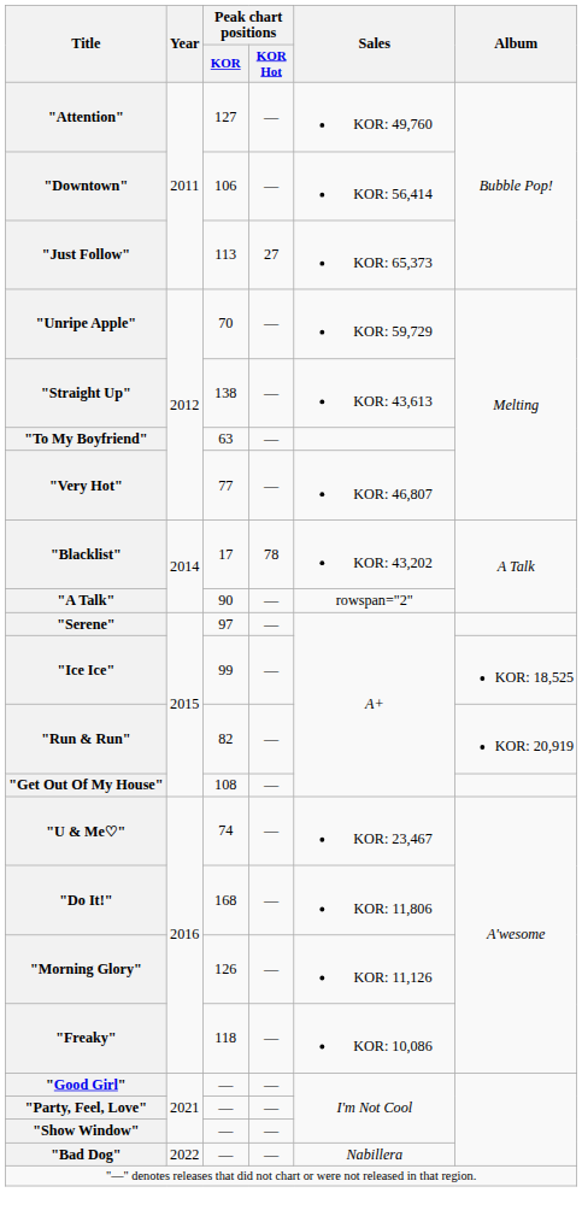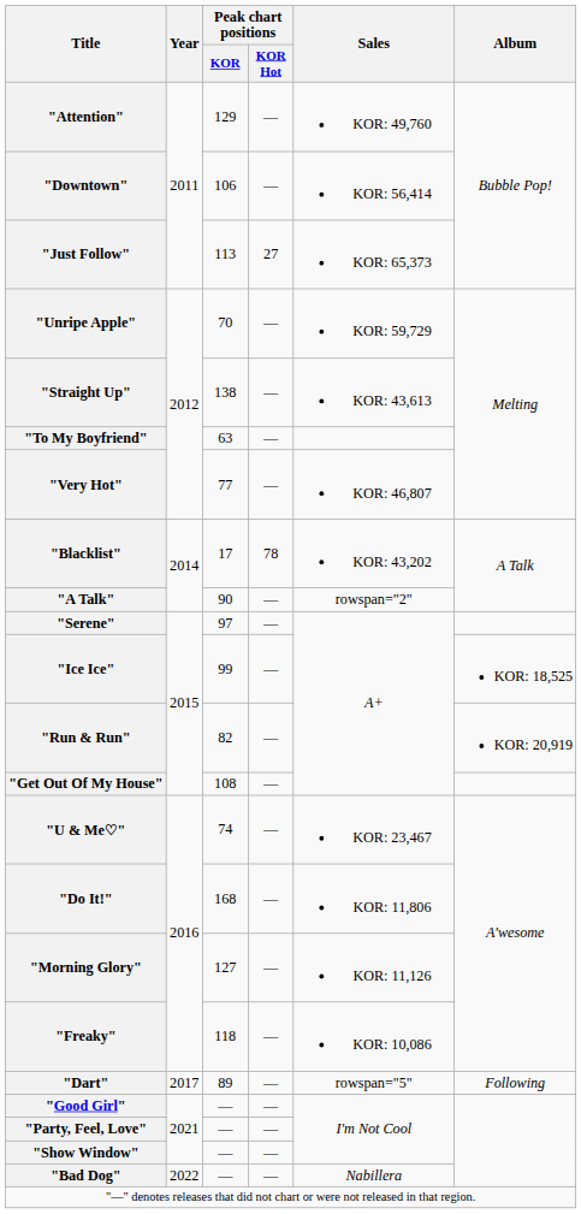 <table class="wikitable plainrowheaders" style="text-align:center;">
 <tr>
 <th rowspan="2" scope="col">Title</th>
 <th rowspan="2" scope="col">Year</th>
 <th scope="col" colspan="2">Peak chart positions</th>
 <th rowspan="2" scope="col" style="width:10.5em;">Sales<br></th>
 <th rowspan="2" scope="col">Album</th>
 </tr>
 <tr>
 <th scope="col" style="font-size:90%; width:3em"><a href='#'>KOR</a><br></th>
 <th scope="col" style="font-size:90%; width:3em"><a href='#'>KOR Hot</a><br></th>
 </tr>
 <tr>
 <th scope="row">"Attention"</th>
 <td rowspan="3">2011</td>
-<td>127</td>
+<td>129</td>
 <td>—</td>
 <td><br><ul><li>KOR: 49,760</li></ul></td>
 <td rowspan="3"><em>Bubble Pop!</em></td>
 </tr>
 <tr>
 <th scope="row">"Downtown"</th>
 <td>106</td>
 <td>—</td>
 <td><br><ul><li>KOR: 56,414</li></ul></td>
 </tr>
 <tr>
 <th scope="row">"Just Follow" </th>
 <td>113</td>
 <td>27</td>
 <td><br><ul><li>KOR: 65,373</li></ul></td>
 </tr>
 <tr>
 <th scope="row">"Unripe Apple"</th>
 <td rowspan="4">2012</td>
 <td>70</td>
 <td>—</td>
 <td><br><ul><li>KOR: 59,729</li></ul></td>
 <td rowspan="4"><em>Melting</em></td>
 </tr>
 <tr>
 <th scope="row">"Straight Up"</th>
 <td>138</td>
 <td>—</td>
 <td><br><ul><li>KOR: 43,613</li></ul></td>
 </tr>
 <tr>
 <th scope="row">"To My Boyfriend"</th>
 <td>63</td>
 <td>—</td>
 <td></td>
 </tr>
 <tr>
 <th scope="row">"Very Hot"</th>
 <td>77</td>
 <td>—</td>
 <td><br><ul><li>KOR: 46,807</li></ul></td>
 </tr>
 <tr>
 <th scope="row">"Blacklist" </th>
 <td rowspan="2">2014</td>
 <td>17</td>
 <td>78</td>
 <td><br><ul><li>KOR: 43,202</li></ul></td>
 <td rowspan="2"><em>A Talk</em></td>
 </tr>
 <tr>
 <th scope="row">"A Talk"</th>
 <td>90</td>
 <td>—</td>
 <td>rowspan="2" </td>
 </tr>
 <tr>
 <th scope="row">"Serene"</th>
 <td rowspan="4">2015</td>
 <td>97</td>
 <td>—</td>
 <td rowspan="4"><em>A+</em></td>
 </tr>
 <tr>
 <th scope="row">"Ice Ice" </th>
 <td>99</td>
 <td>—</td>
 <td><br><ul><li>KOR: 18,525</li></ul></td>
 </tr>
 <tr>
 <th scope="row">"Run & Run"</th>
 <td>82</td>
 <td>—</td>
 <td><br><ul><li>KOR: 20,919</li></ul></td>
 </tr>
 <tr>
 <th scope="row">"Get Out Of My House" </th>
 <td>108</td>
 <td>—</td>
 <td></td>
 </tr>
 <tr>
 <th scope="row">"U & Me♡"</th>
 <td rowspan="4">2016</td>
 <td>74</td>
 <td>—</td>
 <td><br><ul><li>KOR: 23,467</li></ul></td>
 <td rowspan="4"><em>A'wesome</em></td>
 </tr>
 <tr>
 <th scope="row">"Do It!"</th>
 <td>168</td>
 <td>—</td>
 <td><br><ul><li>KOR: 11,806</li></ul></td>
 </tr>
 <tr>
 <th scope="row">"Morning Glory"</th>
-<td>126</td>
+<td>127</td>
 <td>—</td>
 <td><br><ul><li>KOR: 11,126</li></ul></td>
 </tr>
 <tr>
 <th scope="row">"Freaky"</th>
 <td>118</td>
 <td>—</td>
 <td><br><ul><li>KOR: 10,086</li></ul></td>
+</tr>
+<tr>
+<th scope="row">"Dart"</th>
+<td>2017</td>
+<td>89</td>
+<td>—</td>
+<td>rowspan="5" </td>
+<td><em>Following</em></td>
 </tr>
 <tr>
 <th scope="row">"<a href='#'>Good Girl</a>"</th>
 <td rowspan="3">2021</td>
 <td>—</td>
 <td>—</td>
 <td rowspan="3"><em>I'm Not Cool</em></td>
 </tr>
 <tr>
 <th scope="row">"Party, Feel, Love" </th>
 <td>—</td>
 <td>—</td>
 </tr>
 <tr>
 <th scope="row">"Show Window"</th>
 <td>—</td>
 <td>—</td>
 </tr>
 <tr>
 <th scope="row">"Bad Dog"</th>
 <td>2022</td>
 <td>—</td>
 <td>—</td>
 <td><em>Nabillera</em></td>
 </tr>
 <tr>
 <td colspan="6" style="text-align:center; font-size:85%;">"—" denotes releases that did not chart or were not released in that region.</td>
 </tr>
 </table>
